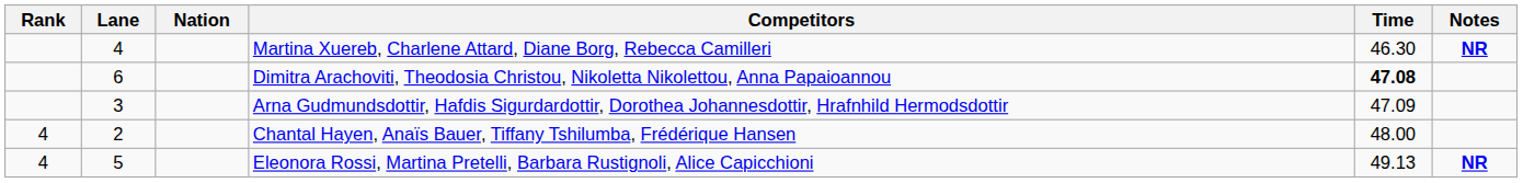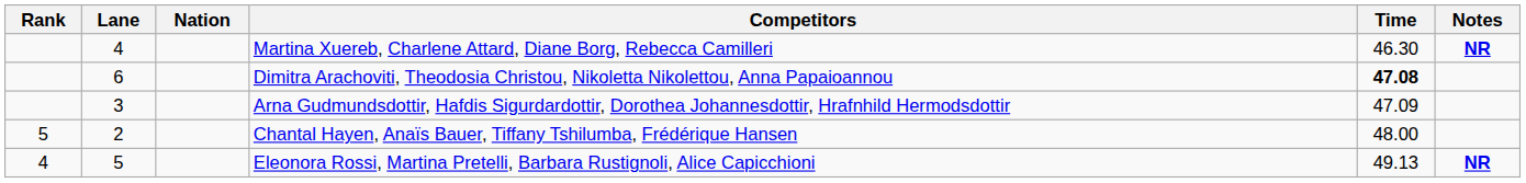 <table class="wikitable sortable" width=80% style="text-align:center; font-size:95%">
 <tr>
 <th>Rank</th>
 <th>Lane</th>
 <th>Nation</th>
 <th>Competitors</th>
 <th>Time</th>
 <th>Notes</th>
 </tr>
 <tr>
 <td></td>
 <td>4</td>
 <td align=left></td>
 <td align=left><a href='#'>Martina Xuereb</a>, <a href='#'>Charlene Attard</a>, <a href='#'>Diane Borg</a>, <a href='#'>Rebecca Camilleri</a></td>
 <td>46.30</td>
 <td><strong><a href='#'>NR</a></strong></td>
 </tr>
 <tr>
 <td></td>
 <td>6</td>
 <td align=left></td>
 <td align=left><a href='#'>Dimitra Arachoviti</a>, <a href='#'>Theodosia Christou</a>, <a href='#'>Nikoletta Nikolettou</a>, <a href='#'>Anna Papaioannou</a></td>
 <td><strong>47.08</strong></td>
 <td></td>
 </tr>
 <tr>
 <td></td>
 <td>3</td>
 <td align=left></td>
 <td align=left><a href='#'>Arna Gudmundsdottir</a>, <a href='#'>Hafdis Sigurdardottir</a>, <a href='#'>Dorothea Johannesdottir</a>, <a href='#'>Hrafnhild Hermodsdottir</a></td>
 <td>47.09</td>
 <td></td>
 </tr>
 <tr>
-<td>4</td>
+<td>5</td>
 <td>2</td>
 <td align=left></td>
 <td align=left><a href='#'>Chantal Hayen</a>, <a href='#'>Anaïs Bauer</a>, <a href='#'>Tiffany Tshilumba</a>, <a href='#'>Frédérique Hansen</a></td>
 <td>48.00</td>
 <td></td>
 </tr>
 <tr>
 <td>4</td>
 <td>5</td>
 <td align=left></td>
 <td align=left><a href='#'>Eleonora Rossi</a>, <a href='#'>Martina Pretelli</a>, <a href='#'>Barbara Rustignoli</a>, <a href='#'>Alice Capicchioni</a></td>
 <td>49.13</td>
 <td><strong><a href='#'>NR</a></strong></td>
 </tr>
 </table>
